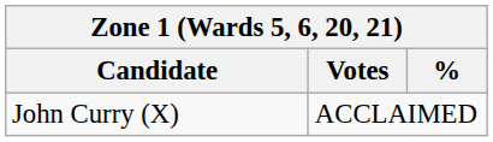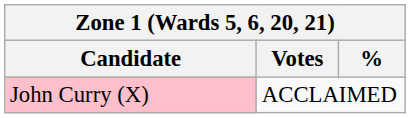 <table class="wikitable">
 <tr>
 <th colspan="3">Zone 1 (Wards 5, 6, 20, 21)</th>
 </tr>
 <tr>
 <th style="width: 170px">Candidate</th>
 <th style="width: 50px">Votes</th>
 <th style="width: 40px">%</th>
 </tr>
 <tr>
-<td>John Curry (X)</td>
+<td style="background: pink;">John Curry (X)</td>
 <td colspan="2">ACCLAIMED</td>
 </tr>
 </table>
